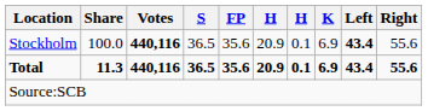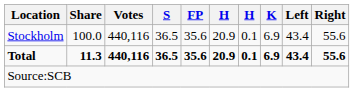 <table class="wikitable sortable" style=text-align:right>
 <tr>
 <th>Location</th>
 <th>Share</th>
 <th>Votes</th>
 <th><a href='#'>S</a></th>
 <th><a href='#'>FP</a></th>
 <th><a href='#'>H</a></th>
 <th><a href='#'>H</a></th>
 <th><a href='#'>K</a></th>
 <th>Left</th>
 <th>Right</th>
 </tr>
 <tr>
 <td align=left><a href='#'>Stockholm</a></td>
 <td>100.0</td>
-<td><strong>440,116</strong></td>
+<td>440,116</td>
 <td>36.5</td>
 <td>35.6</td>
 <td>20.9</td>
 <td>0.1</td>
 <td>6.9</td>
-<td><strong>43.4</strong></td>
+<td>43.4</td>
 <td>55.6</td>
 </tr>
 <tr>
 <td align=left><strong>Total</strong></td>
 <td><strong>11.3</strong></td>
 <td><strong>440,116</strong></td>
 <td><strong>36.5</strong></td>
 <td><strong>35.6</strong></td>
 <td><strong>20.9</strong></td>
 <td><strong>0.1</strong></td>
 <td><strong>6.9</strong></td>
 <td><strong>43.4</strong></td>
 <td><strong>55.6</strong></td>
 </tr>
 <tr>
 <td align=left colspan=10>Source:SCB </td>
 </tr>
 </table>
